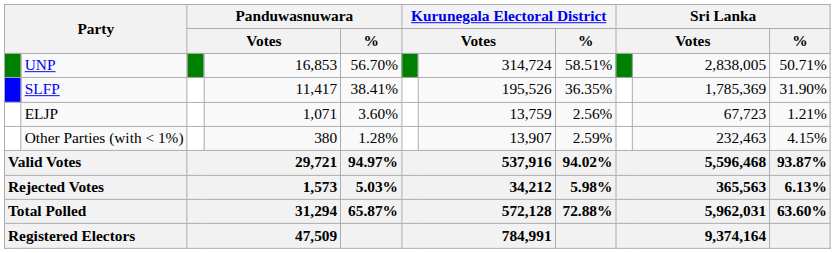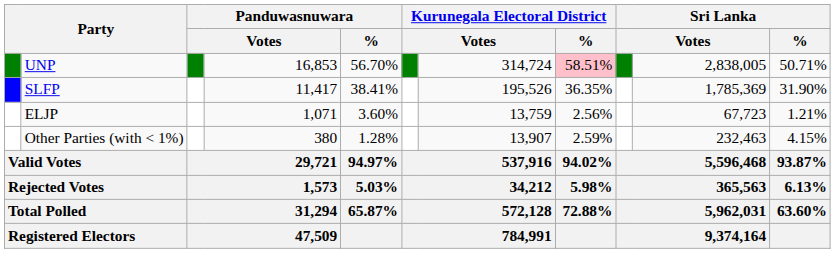 <table class="wikitable">
 <tr>
 <th colspan="2" width="144px"rowspan="2">Party</th>
 <th colspan="3" width="216px">Panduwasnuwara</th>
 <th colspan="3" width="216px"><a href='#'>Kurunegala Electoral District</a></th>
 <th colspan="3" width="216px">Sri Lanka</th>
 </tr>
 <tr>
 <th colspan="2" width="144px">Votes</th>
 <th>%</th>
 <th colspan="2" width="144px">Votes</th>
 <th>%</th>
 <th colspan="2" width="144px">Votes</th>
 <th>%</th>
 </tr>
 <tr>
 <td style="background-color:green;" width="10px"></td>
 <td style="text-align:left;"><a href='#'>UNP</a></td>
 <td style="background-color:green;" width="10px"></td>
 <td style="text-align:right;">16,853</td>
 <td style="text-align:right;">56.70%</td>
 <td style="background-color:green;" width="10px"></td>
 <td style="text-align:right;">314,724</td>
-<td style="text-align:right;">58.51%</td>
+<td style="background: pink; text-align:right;">58.51%</td>
 <td style="background-color:green;" width="10px"></td>
 <td style="text-align:right;">2,838,005</td>
 <td style="text-align:right;">50.71%</td>
 </tr>
 <tr>
 <td style="background-color:blue;" width="10px"></td>
 <td style="text-align:left;"><a href='#'>SLFP</a></td>
 <td style="background-color:white;" width="10px"></td>
 <td style="text-align:right;">11,417</td>
 <td style="text-align:right;">38.41%</td>
 <td style="background-color:white;" width="10px"></td>
 <td style="text-align:right;">195,526</td>
 <td style="text-align:right;">36.35%</td>
 <td style="background-color:white;" width="10px"></td>
 <td style="text-align:right;">1,785,369</td>
 <td style="text-align:right;">31.90%</td>
 </tr>
 <tr>
 <td style="background-color:white;" width="10px"></td>
 <td style="text-align:left;">ELJP</td>
 <td style="background-color:white;" width="10px"></td>
 <td style="text-align:right;">1,071</td>
 <td style="text-align:right;">3.60%</td>
 <td style="background-color:white;" width="10px"></td>
 <td style="text-align:right;">13,759</td>
 <td style="text-align:right;">2.56%</td>
 <td style="background-color:white;" width="10px"></td>
 <td style="text-align:right;">67,723</td>
 <td style="text-align:right;">1.21%</td>
 </tr>
 <tr>
 <td style="background-color:white;" width="10px"></td>
 <td style="text-align:left;">Other Parties (with < 1%)</td>
 <td style="background-color:white;" width="10px"></td>
 <td style="text-align:right;">380</td>
 <td style="text-align:right;">1.28%</td>
 <td style="background-color:white;" width="10px"></td>
 <td style="text-align:right;">13,907</td>
 <td style="text-align:right;">2.59%</td>
 <td style="background-color:white;" width="10px"></td>
 <td style="text-align:right;">232,463</td>
 <td style="text-align:right;">4.15%</td>
 </tr>
 <tr>
 <th colspan="2" width="144px"style="text-align:left;">Valid Votes</th>
 <th style="text-align:right;"colspan="2" width="144px">29,721</th>
 <th style="text-align:right;">94.97%</th>
 <th style="text-align:right;"colspan="2" width="144px">537,916</th>
 <th style="text-align:right;">94.02%</th>
 <th style="text-align:right;"colspan="2" width="144px">5,596,468</th>
 <th style="text-align:right;">93.87%</th>
 </tr>
 <tr>
 <th colspan="2" width="144px"style="text-align:left;">Rejected Votes</th>
 <th style="text-align:right;"colspan="2" width="144px">1,573</th>
 <th style="text-align:right;">5.03%</th>
 <th style="text-align:right;"colspan="2" width="144px">34,212</th>
 <th style="text-align:right;">5.98%</th>
 <th style="text-align:right;"colspan="2" width="144px">365,563</th>
 <th style="text-align:right;">6.13%</th>
 </tr>
 <tr>
 <th colspan="2" width="144px"style="text-align:left;">Total Polled</th>
 <th style="text-align:right;"colspan="2" width="144px">31,294</th>
 <th style="text-align:right;">65.87%</th>
 <th style="text-align:right;"colspan="2" width="144px">572,128</th>
 <th style="text-align:right;">72.88%</th>
 <th style="text-align:right;"colspan="2" width="144px">5,962,031</th>
 <th style="text-align:right;">63.60%</th>
 </tr>
 <tr>
 <th colspan="2" width="144px"style="text-align:left;">Registered Electors</th>
 <th style="text-align:right;"colspan="2" width="144px">47,509</th>
 <th></th>
 <th style="text-align:right;"colspan="2" width="144px">784,991</th>
 <th></th>
 <th style="text-align:right;"colspan="2" width="144px">9,374,164</th>
 <th></th>
 </tr>
 </table>
